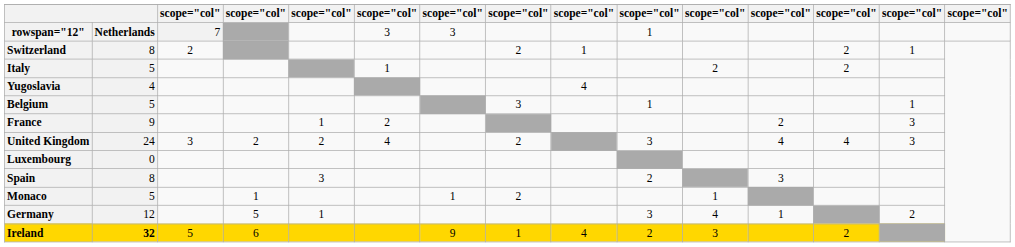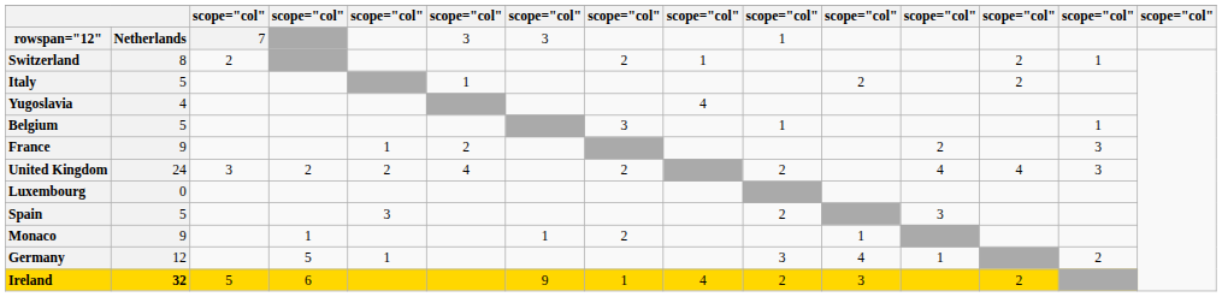 <table class="wikitable plainrowheaders" style="text-align:center;">
 <tr>
 </tr>
 <tr>
 <th colspan="2"></th>
 <th>scope="col" </th>
 <th>scope="col" </th>
 <th>scope="col" </th>
 <th>scope="col" </th>
 <th>scope="col" </th>
 <th>scope="col" </th>
 <th>scope="col" </th>
 <th>scope="col" </th>
 <th>scope="col" </th>
 <th>scope="col" </th>
 <th>scope="col" </th>
 <th>scope="col" </th>
 <th>scope="col" </th>
 </tr>
 <tr>
 <th>rowspan="12" </th>
 <th scope="row" style="text-align:left; background:#f2f2f2;">Netherlands</th>
 <td style="text-align:right; background:#f2f2f2;">7</td>
 <td style="text-align:left; background:#aaa;"></td>
 <td></td>
 <td>3</td>
 <td>3</td>
 <td></td>
 <td></td>
 <td>1</td>
 <td></td>
 <td></td>
 <td></td>
 <td></td>
 <td></td>
 </tr>
 <tr>
 <th scope="row" style="text-align:left; background:#f2f2f2;">Switzerland</th>
 <td style="text-align:right; background:#f2f2f2;">8</td>
 <td>2</td>
 <td style="text-align:left; background:#aaa;"></td>
 <td></td>
 <td></td>
 <td></td>
 <td>2</td>
 <td>1</td>
 <td></td>
 <td></td>
 <td></td>
 <td>2</td>
 <td>1</td>
 </tr>
 <tr>
 <th scope="row" style="text-align:left; background:#f2f2f2;">Italy</th>
 <td style="text-align:right; background:#f2f2f2;">5</td>
 <td></td>
 <td></td>
 <td style="text-align:left; background:#aaa;"></td>
 <td>1</td>
 <td></td>
 <td></td>
 <td></td>
 <td></td>
 <td>2</td>
 <td></td>
 <td>2</td>
 <td></td>
 </tr>
 <tr>
 <th scope="row" style="text-align:left; background:#f2f2f2;">Yugoslavia</th>
 <td style="text-align:right; background:#f2f2f2;">4</td>
 <td></td>
 <td></td>
 <td></td>
 <td style="text-align:left; background:#aaa;"></td>
 <td></td>
 <td></td>
 <td>4</td>
 <td></td>
 <td></td>
 <td></td>
 <td></td>
 <td></td>
 </tr>
 <tr>
 <th scope="row" style="text-align:left; background:#f2f2f2;">Belgium</th>
 <td style="text-align:right; background:#f2f2f2;">5</td>
 <td></td>
 <td></td>
 <td></td>
 <td></td>
 <td style="text-align:left; background:#aaa;"></td>
 <td>3</td>
 <td></td>
 <td>1</td>
 <td></td>
 <td></td>
 <td></td>
 <td>1</td>
 </tr>
 <tr>
 <th scope="row" style="text-align:left; background:#f2f2f2;">France</th>
 <td style="text-align:right; background:#f2f2f2;">9</td>
 <td></td>
 <td></td>
 <td>1</td>
 <td>2</td>
 <td></td>
 <td style="text-align:left; background:#aaa;"></td>
 <td></td>
 <td></td>
 <td></td>
 <td>2</td>
 <td></td>
 <td>3</td>
 </tr>
 <tr>
 <th scope="row" style="text-align:left; background:#f2f2f2;">United Kingdom</th>
 <td style="text-align:right; background:#f2f2f2;">24</td>
 <td>3</td>
 <td>2</td>
 <td>2</td>
 <td>4</td>
 <td></td>
 <td>2</td>
 <td style="text-align:left; background:#aaa;"></td>
-<td>3</td>
+<td>2</td>
 <td></td>
 <td>4</td>
 <td>4</td>
 <td>3</td>
 </tr>
 <tr>
 <th scope="row" style="text-align:left; background:#f2f2f2;">Luxembourg</th>
 <td style="text-align:right; background:#f2f2f2;">0</td>
 <td></td>
 <td></td>
 <td></td>
 <td></td>
 <td></td>
 <td></td>
 <td></td>
 <td style="text-align:left; background:#aaa;"></td>
 <td></td>
 <td></td>
 <td></td>
 <td></td>
 </tr>
 <tr>
 <th scope="row" style="text-align:left; background:#f2f2f2;">Spain</th>
-<td style="text-align:right; background:#f2f2f2;">8</td>
+<td style="text-align:right; background:#f2f2f2;">5</td>
 <td></td>
 <td></td>
 <td>3</td>
 <td></td>
 <td></td>
 <td></td>
 <td></td>
 <td>2</td>
 <td style="text-align:left; background:#aaa;"></td>
 <td>3</td>
 <td></td>
 <td></td>
 </tr>
 <tr>
 <th scope="row" style="text-align:left; background:#f2f2f2;">Monaco</th>
-<td style="text-align:right; background:#f2f2f2;">5</td>
+<td style="text-align:right; background:#f2f2f2;">9</td>
 <td></td>
 <td>1</td>
 <td></td>
 <td></td>
 <td>1</td>
 <td>2</td>
 <td></td>
 <td></td>
 <td>1</td>
 <td style="text-align:left; background:#aaa;"></td>
 <td></td>
 <td></td>
 </tr>
 <tr>
 <th scope="row" style="text-align:left; background:#f2f2f2;">Germany</th>
 <td style="text-align:right; background:#f2f2f2;">12</td>
 <td></td>
 <td>5</td>
 <td>1</td>
 <td></td>
 <td></td>
 <td></td>
 <td></td>
 <td>3</td>
 <td>4</td>
 <td>1</td>
 <td style="text-align:left; background:#aaa;"></td>
 <td>2</td>
 </tr>
 <tr style="background:gold;">
 <th scope="row" style="text-align:left; font-weight:bold; background:gold;">Ireland</th>
 <td style="text-align:right; font-weight:bold;">32</td>
 <td>5</td>
 <td>6</td>
 <td></td>
 <td></td>
 <td>9</td>
 <td>1</td>
 <td>4</td>
 <td>2</td>
 <td>3</td>
 <td></td>
 <td>2</td>
 <td style="text-align:left; background:#aaa;"></td>
 </tr>
 </table>
